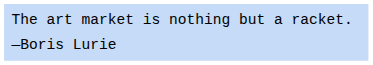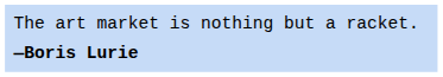 <table class="toccolours" style="float: right; margin-left: 1em; margin-right: 2em; font-size: 85%; background:#c6dbf7; color:black; width:25em; max-width: 25%;" cellspacing="5">
 <tr>
 <td style="text-align: left;">The art market is nothing but a racket.</td>
 </tr>
 <tr>
-<td style="text-align: left;">—Boris Lurie</td>
+<td style="text-align: left;"><strong>—Boris Lurie</strong></td>
 </tr>
 </table>
